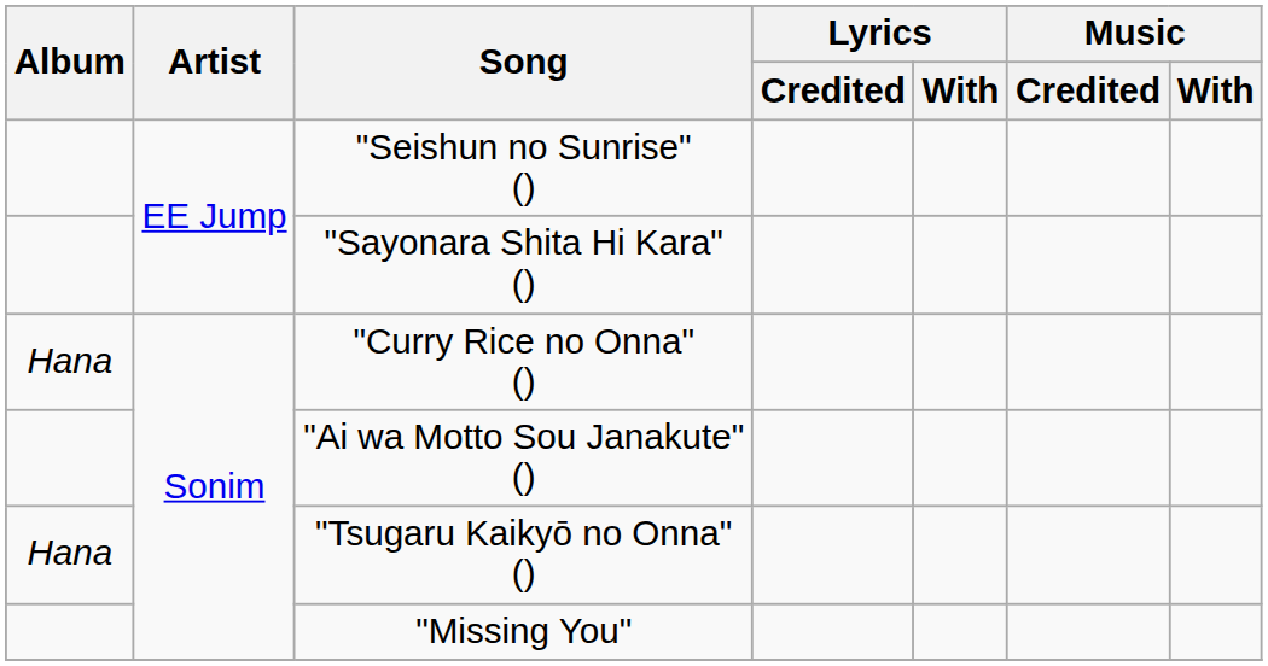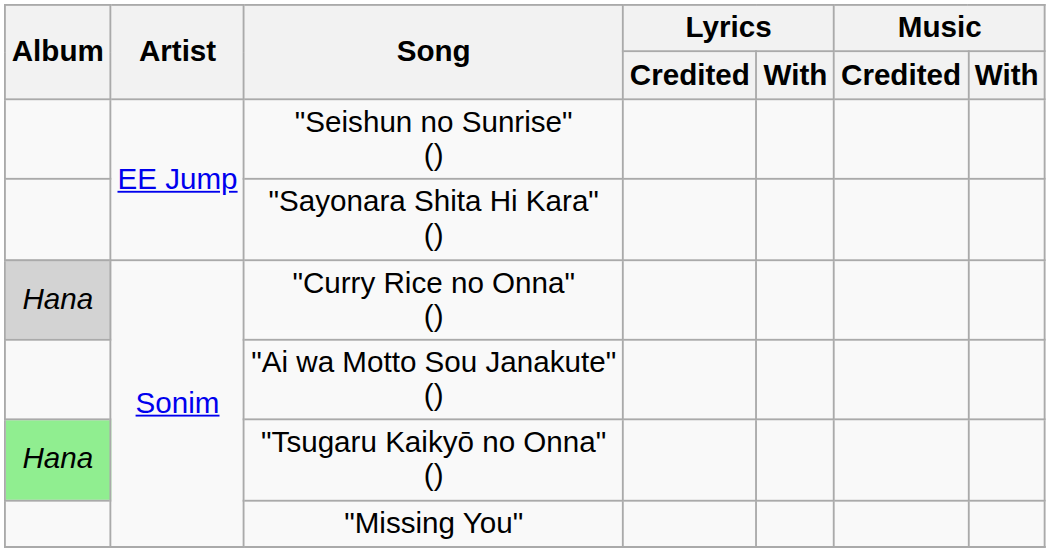 <table class="wikitable">
 <tr>
 <th rowspan="2">Album</th>
 <th rowspan="2">Artist</th>
 <th rowspan="2">Song</th>
 <th colspan="2">Lyrics</th>
 <th colspan="2">Music</th>
 </tr>
 <tr>
 <th>Credited</th>
 <th>With</th>
 <th>Credited</th>
 <th>With</th>
 </tr>
 <tr>
 <td></td>
 <td align="center" rowspan="2"><a href='#'>EE Jump</a></td>
 <td align="center">"Seishun no Sunrise"<br>()</td>
 <td></td>
 <td></td>
 <td></td>
 <td></td>
 </tr>
 <tr>
 <td></td>
 <td align="center">"Sayonara Shita Hi Kara"<br>()</td>
 <td></td>
 <td></td>
 <td></td>
 <td></td>
 </tr>
 <tr>
-<td align="center"><em>Hana</em></td>
+<td align="center" style="background: lightgrey;"><em>Hana</em></td>
 <td align="center" rowspan="4"><a href='#'>Sonim</a></td>
 <td align="center">"Curry Rice no Onna"<br>()</td>
 <td></td>
 <td></td>
 <td></td>
 <td></td>
 </tr>
 <tr>
 <td></td>
 <td align="center">"Ai wa Motto Sou Janakute"<br>()</td>
 <td></td>
 <td></td>
 <td></td>
 <td></td>
 </tr>
 <tr>
-<td align="center"><em>Hana</em></td>
+<td align="center" style="background: lightgreen;"><em>Hana</em></td>
 <td align="center">"Tsugaru Kaikyō no Onna"<br>()</td>
 <td></td>
 <td></td>
 <td></td>
 <td></td>
 </tr>
 <tr>
 <td></td>
 <td align="center">"Missing You"</td>
 <td></td>
 <td></td>
 <td></td>
 <td></td>
 </tr>
 <tr>
 </tr>
 </table>
